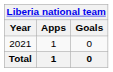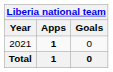 <table class="wikitable" style="text-align:center">
 <tr>
 <th colspan=3><a href='#'>Liberia national team</a></th>
 </tr>
 <tr>
 <th>Year</th>
 <th>Apps</th>
 <th>Goals</th>
 </tr>
 <tr>
 <td>2021</td>
-<td>1</td>
+<td><strong>1</strong></td>
 <td>0</td>
 </tr>
 <tr>
 <th>Total</th>
 <th>1</th>
 <th>0</th>
 </tr>
 </table>
